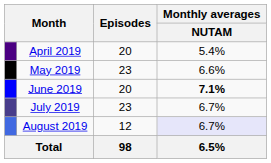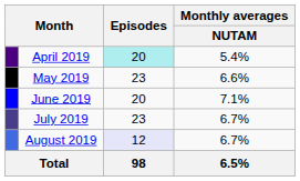 <table class="wikitable plainrowheaders" style="text-align: center; line-height:25px;">
 <tr class="wikitable" style="text-align: center;">
 <th colspan="2" rowspan="2" style="padding: 0 8px;">Month</th>
 <th rowspan="2" style="padding: 0 8px;">Episodes</th>
 <th colspan="2" style="padding: 0 8px;">Monthly averages</th>
 </tr>
 <tr>
 <th style="padding: 0 8px;">NUTAM</th>
 </tr>
 <tr>
 <td style="padding: 0 8px; background:#4B0082;"></td>
 <td style="padding: 0 8px;" '><a href='#'>April 2019</a></td>
-<td style="padding: 0 8px;">20</td>
+<td style="background: paleturquoise; padding: 0 8px;">20</td>
 <td style="padding: 0 8px;">5.4%</td>
 </tr>
 <tr>
 <td style="padding: 0 8px; background:#000000;"></td>
 <td style="padding: 0 8px;" '><a href='#'>May 2019</a></td>
 <td style="padding: 0 8px;">23</td>
 <td style="padding: 0 8px;">6.6%</td>
 </tr>
 <tr>
 <td style="padding: 0 8px; background:#0000FF;"></td>
 <td style="padding: 0 8px;" '><a href='#'>June 2019</a></td>
 <td style="padding: 0 8px;">20</td>
-<td style="padding: 0 8px;"><strong>7.1%</strong></td>
+<td style="padding: 0 8px;">7.1%</td>
 </tr>
 <tr>
 <td style="padding: 0 8px; background:#483D8B;"></td>
 <td style="padding: 0 8px;" '><a href='#'>July 2019</a></td>
 <td style="padding: 0 8px;">23</td>
 <td style="padding: 0 8px;">6.7%</td>
 </tr>
 <tr>
 <td style="padding: 0 8px; background:#4169E1;"></td>
 <td style="padding: 0 8px;" '><a href='#'>August 2019</a></td>
-<td style="padding: 0 8px;">12</td>
-<td style="background: lavender; padding: 0 8px;">6.7%</td>
+<td style="background: lavender; padding: 0 8px;">12</td>
+<td style="padding: 0 8px;">6.7%</td>
 </tr>
 <tr>
 <th colspan="2">Total</th>
 <th colspan="1">98</th>
 <th colspan="2">6.5%</th>
 </tr>
 </table>
